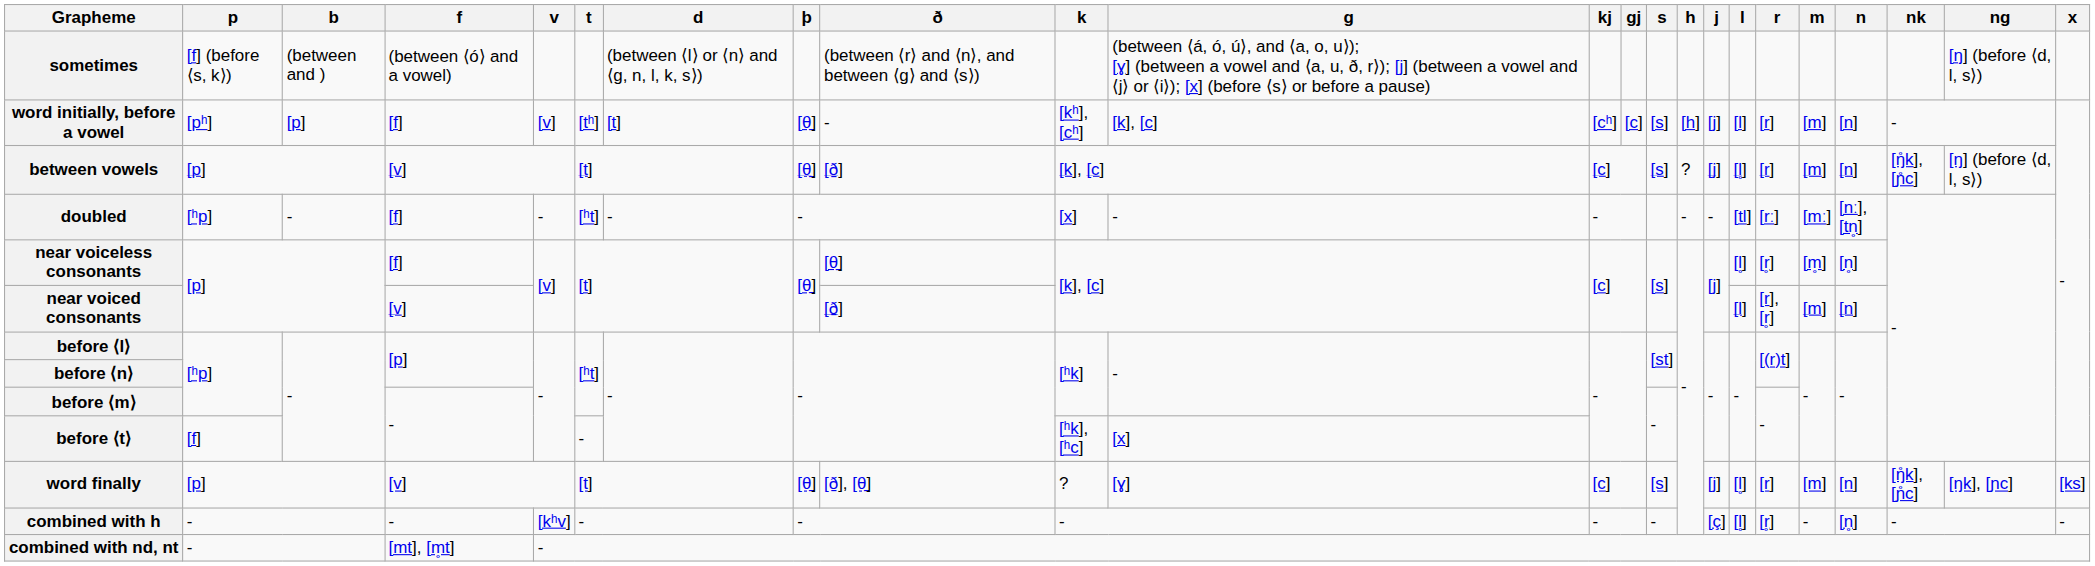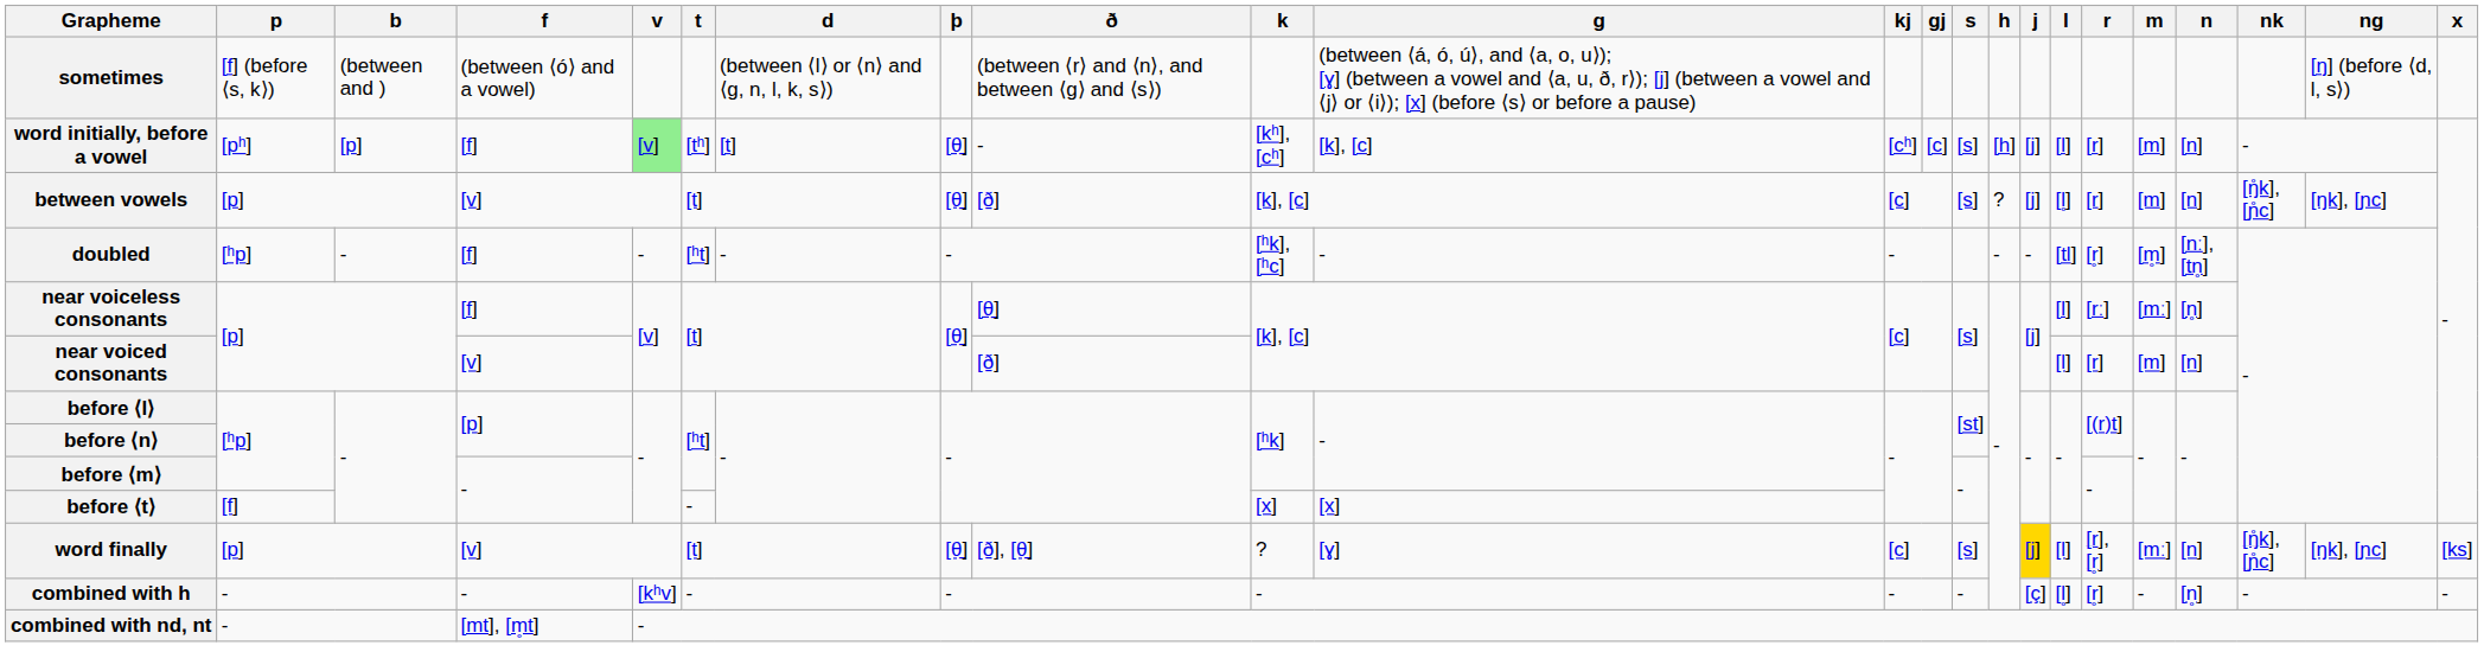 <table class="wikitable">
 <tr>
 <th>Grapheme</th>
 <th>p</th>
 <th>b</th>
 <th>f</th>
 <th>v</th>
 <th>t</th>
 <th>d</th>
 <th><strong>þ</strong></th>
 <th><strong>ð</strong></th>
 <th>k</th>
 <th>g</th>
 <th>kj</th>
 <th>gj</th>
 <th>s</th>
 <th>h</th>
 <th>j</th>
 <th>l</th>
 <th>r</th>
 <th>m</th>
 <th>n</th>
 <th>nk</th>
 <th>ng</th>
 <th>x</th>
 </tr>
 <tr>
 <th>sometimes</th>
 <td><a href='#'>[f</a>] (before ⟨s, k⟩)</td>
 <td> (between  and )</td>
 <td> (between ⟨ó⟩ and a vowel)</td>
 <td></td>
 <td></td>
 <td> (between ⟨l⟩ or ⟨n⟩ and ⟨g, n, l, k, s⟩)</td>
 <td></td>
 <td> (between ⟨r⟩ and ⟨n⟩, and between ⟨g⟩ and ⟨s⟩)</td>
 <td></td>
 <td> (between ⟨á, ó, ú⟩, and ⟨a, o, u⟩);<br><a href='#'>[ɣ</a>] (between a vowel and ⟨a, u, ð, r⟩); <a href='#'>[j</a>] (between a vowel and ⟨j⟩ or ⟨i⟩); <a href='#'>[x</a>] (before ⟨s⟩ or before a pause)</td>
 <td></td>
 <td></td>
 <td></td>
 <td></td>
 <td></td>
 <td></td>
 <td></td>
 <td></td>
 <td></td>
 <td></td>
 <td><a href='#'>[ŋ</a>] (before ⟨d, l, s⟩)</td>
 <td></td>
 </tr>
 <tr>
 <th>word initially, before a vowel</th>
 <td><a href='#'>[pʰ</a>]</td>
 <td><a href='#'>[p</a>]</td>
 <td><a href='#'>[f</a>]</td>
-<td><a href='#'>[v</a>]</td>
+<td style="background: lightgreen;"><a href='#'>[v</a>]</td>
 <td><a href='#'>[tʰ</a>]</td>
 <td><a href='#'>[t</a>]</td>
 <td><a href='#'>[θ̠</a>]</td>
 <td>-</td>
 <td><a href='#'>[kʰ</a>], <a href='#'>[cʰ</a>]</td>
 <td><a href='#'>[k</a>], <a href='#'>[c</a>]</td>
 <td><a href='#'>[cʰ</a>]</td>
 <td><a href='#'>[c</a>]</td>
 <td><a href='#'>[s</a>]</td>
 <td><a href='#'>[h</a>]</td>
 <td><a href='#'>[j</a>]</td>
 <td><a href='#'>[l</a>]</td>
 <td><a href='#'>[r</a>]</td>
 <td><a href='#'>[m</a>]</td>
 <td><a href='#'>[n</a>]</td>
 <td colspan="2">-</td>
 <td rowspan="9">-</td>
 </tr>
 <tr>
 <th>between vowels</th>
 <td colspan="2"><a href='#'>[p</a>]</td>
 <td colspan="2"><a href='#'>[v</a>]</td>
 <td colspan="2"><a href='#'>[t</a>]</td>
 <td><a href='#'>[θ̠</a>]</td>
 <td><a href='#'>[ð̠</a>]</td>
 <td colspan="2"><a href='#'>[k</a>], <a href='#'>[c</a>]</td>
 <td colspan="2"><a href='#'>[c</a>]</td>
 <td><a href='#'>[s</a>]</td>
 <td>?</td>
 <td><a href='#'>[j</a>]</td>
 <td><a href='#'>[l̥</a>]</td>
 <td><a href='#'>[r</a>]</td>
 <td><a href='#'>[m</a>]</td>
 <td><a href='#'>[n</a>]</td>
 <td><a href='#'>[ŋ̊k</a>], <a href='#'>[ɲ̊c</a>]</td>
-<td><a href='#'>[ŋ</a>] (before ⟨d, l, s⟩)</td>
+<td><a href='#'>[ŋk</a>], <a href='#'>[ɲc</a>]</td>
 </tr>
 <tr>
 <th>doubled</th>
 <td><a href='#'>[ʰp</a>]</td>
 <td>-</td>
 <td><a href='#'>[f</a>]</td>
 <td>-</td>
 <td><a href='#'>[ʰt</a>]</td>
 <td>-</td>
 <td colspan="2">-</td>
-<td><a href='#'>[x</a>]</td>
+<td><a href='#'>[ʰk</a>], <a href='#'>[ʰc</a>]</td>
 <td>-</td>
 <td colspan="2">-</td>
 <td></td>
 <td>-</td>
 <td>-</td>
 <td><a href='#'>[tl</a>]</td>
-<td><a href='#'>[rː</a>]</td>
-<td><a href='#'>[mː</a>]</td>
+<td><a href='#'>[r̥</a>]</td>
+<td><a href='#'>[m̥</a>]</td>
 <td><a href='#'>[nː</a>], <a href='#'>[tn̥</a>]</td>
 <td colspan="2" rowspan="7">-</td>
 </tr>
 <tr>
 <th>near voiceless consonants</th>
 <td colspan="2" rowspan="2"><a href='#'>[p</a>]</td>
 <td><a href='#'>[f</a>]</td>
 <td rowspan="2"><a href='#'>[v</a>]</td>
 <td colspan="2" rowspan="2"><a href='#'>[t</a>]</td>
 <td rowspan="2"><a href='#'>[θ̠</a>]</td>
 <td><a href='#'>[θ̠</a>]</td>
 <td colspan="2" rowspan="2"><a href='#'>[k</a>], <a href='#'>[c</a>]</td>
 <td colspan="2" rowspan="2"><a href='#'>[c</a>]</td>
 <td rowspan="2"><a href='#'>[s</a>]</td>
 <td rowspan="8">-</td>
 <td rowspan="2"><a href='#'>[j</a>]</td>
-<td><a href='#'>[l̥</a>]</td>
-<td><a href='#'>[r̥</a>]</td>
-<td><a href='#'>[m̥</a>]</td>
+<td><a href='#'>[l</a>]</td>
+<td><a href='#'>[rː</a>]</td>
+<td><a href='#'>[mː</a>]</td>
 <td><a href='#'>[n̥</a>]</td>
 </tr>
 <tr>
 <th>near voiced consonants</th>
 <td><a href='#'>[v</a>]</td>
 <td><a href='#'>[ð̠</a>]</td>
 <td><a href='#'>[l</a>]</td>
-<td><a href='#'>[r</a>], <a href='#'>[r̥</a>]</td>
+<td><a href='#'>[r</a>]</td>
 <td><a href='#'>[m</a>]</td>
 <td><a href='#'>[n</a>]</td>
 </tr>
 <tr>
 <th>before ⟨l⟩</th>
 <td rowspan="3"><a href='#'>[ʰp</a>]</td>
 <td rowspan="4">-</td>
 <td rowspan="2"><a href='#'>[p</a>]</td>
 <td rowspan="4">-</td>
 <td rowspan="3"><a href='#'>[ʰt</a>]</td>
 <td rowspan="4">-</td>
 <td colspan="2" rowspan="4">-</td>
 <td rowspan="3"><a href='#'>[ʰk</a>]</td>
 <td rowspan="3">-</td>
 <td colspan="2" rowspan="4">-</td>
 <td rowspan="2"><a href='#'>[st</a>]</td>
 <td rowspan="4">-</td>
 <td rowspan="4">-</td>
 <td rowspan="2"><a href='#'>[(r)t</a>]</td>
 <td rowspan="4">-</td>
 <td rowspan="4">-</td>
 </tr>
 <tr>
 <th>before  ⟨n⟩</th>
 </tr>
 <tr>
 <th>before ⟨m⟩</th>
 <td rowspan="2">-</td>
 <td rowspan="2">-</td>
 <td rowspan="2">-</td>
 </tr>
 <tr>
 <th>before ⟨t⟩</th>
 <td><a href='#'>[f</a>]</td>
 <td>-</td>
-<td><a href='#'>[ʰk</a>], <a href='#'>[ʰc</a>]</td>
+<td><a href='#'>[x</a>]</td>
 <td><a href='#'>[x</a>]</td>
 </tr>
 <tr>
 <th>word finally</th>
 <td colspan="2"><a href='#'>[p</a>]</td>
 <td colspan="2"><a href='#'>[v</a>]</td>
 <td colspan="2"><a href='#'>[t</a>]</td>
 <td><a href='#'>[θ̠</a>]</td>
 <td><a href='#'>[ð̠</a>], <a href='#'>[θ̠</a>]</td>
 <td>?</td>
 <td><a href='#'>[ɣ</a>]</td>
 <td colspan="2"><a href='#'>[c</a>]</td>
 <td><a href='#'>[s</a>]</td>
-<td><a href='#'>[j</a>]</td>
-<td><a href='#'>[l̥</a>]</td>
-<td><a href='#'>[r</a>]</td>
-<td><a href='#'>[m</a>]</td>
+<td style="background: gold;"><a href='#'>[j</a>]</td>
+<td><a href='#'>[l</a>]</td>
+<td><a href='#'>[r</a>], <a href='#'>[r̥</a>]</td>
+<td><a href='#'>[mː</a>]</td>
 <td><a href='#'>[n</a>]</td>
 <td><a href='#'>[ŋ̊k</a>], <a href='#'>[ɲ̊c</a>]</td>
 <td><a href='#'>[ŋk</a>], <a href='#'>[ɲc</a>]</td>
 <td><a href='#'>[ks</a>]</td>
 </tr>
 <tr>
 <th>combined with h</th>
 <td colspan="2">-</td>
 <td>-</td>
 <td><a href='#'>[kʰv</a>]</td>
 <td colspan="2">-</td>
 <td colspan="2">-</td>
 <td colspan="2">-</td>
 <td colspan="2">-</td>
 <td>-</td>
 <td><a href='#'>[ç</a>]</td>
 <td><a href='#'>[l̥</a>]</td>
 <td><a href='#'>[r̥</a>]</td>
 <td>-</td>
 <td><a href='#'>[n̥</a>]</td>
 <td colspan="2">-</td>
 <td>-</td>
 </tr>
 <tr>
 <th>combined with nd, nt</th>
 <td colspan="2">-</td>
 <td><a href='#'>[mt</a>], <a href='#'>[m̥t</a>]</td>
 <td colspan="19">-</td>
 </tr>
 </table>
